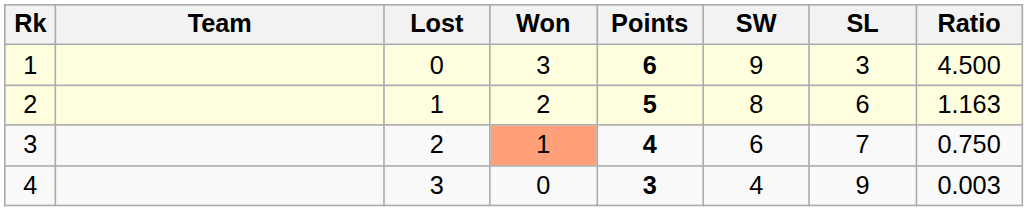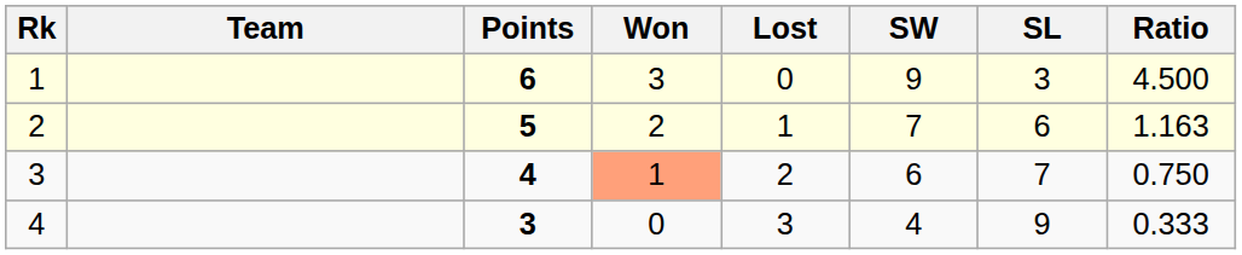 <table class=wikitable style="text-align:center">
 <tr bgcolor="#DCDCDC">
 <th width="25">Rk</th>
 <th width="200">Team</th>
+<th width="60">Points</th>
+<th width="60">Won</th>
 <th width="60">Lost</th>
-<th width="60">Won</th>
-<th width="60">Points</th>
 <th width="60">SW</th>
 <th width="60">SL</th>
 <th width="60">Ratio</th>
 </tr>
 <tr bgcolor=lightyellow>
 <td>1</td>
 <td align=left></td>
+<td><strong>6</strong></td>
+<td>3</td>
 <td>0</td>
-<td>3</td>
-<td><strong>6</strong></td>
 <td>9</td>
 <td>3</td>
 <td>4.500</td>
 </tr>
 <tr bgcolor=lightyellow>
 <td>2</td>
 <td align=left></td>
+<td><strong>5</strong></td>
+<td>2</td>
 <td>1</td>
-<td>2</td>
-<td><strong>5</strong></td>
-<td>8</td>
+<td>7</td>
 <td>6</td>
 <td>1.163</td>
 </tr>
 <tr>
 <td>3</td>
 <td align=left></td>
+<td><strong>4</strong></td>
+<td style="background: lightsalmon;">1</td>
 <td>2</td>
-<td style="background: lightsalmon;">1</td>
-<td><strong>4</strong></td>
 <td>6</td>
 <td>7</td>
 <td>0.750</td>
 </tr>
 <tr>
 <td>4</td>
 <td align=left></td>
+<td><strong>3</strong></td>
+<td>0</td>
 <td>3</td>
-<td>0</td>
-<td><strong>3</strong></td>
 <td>4</td>
 <td>9</td>
-<td>0.003</td>
+<td>0.333</td>
 </tr>
 </table>
